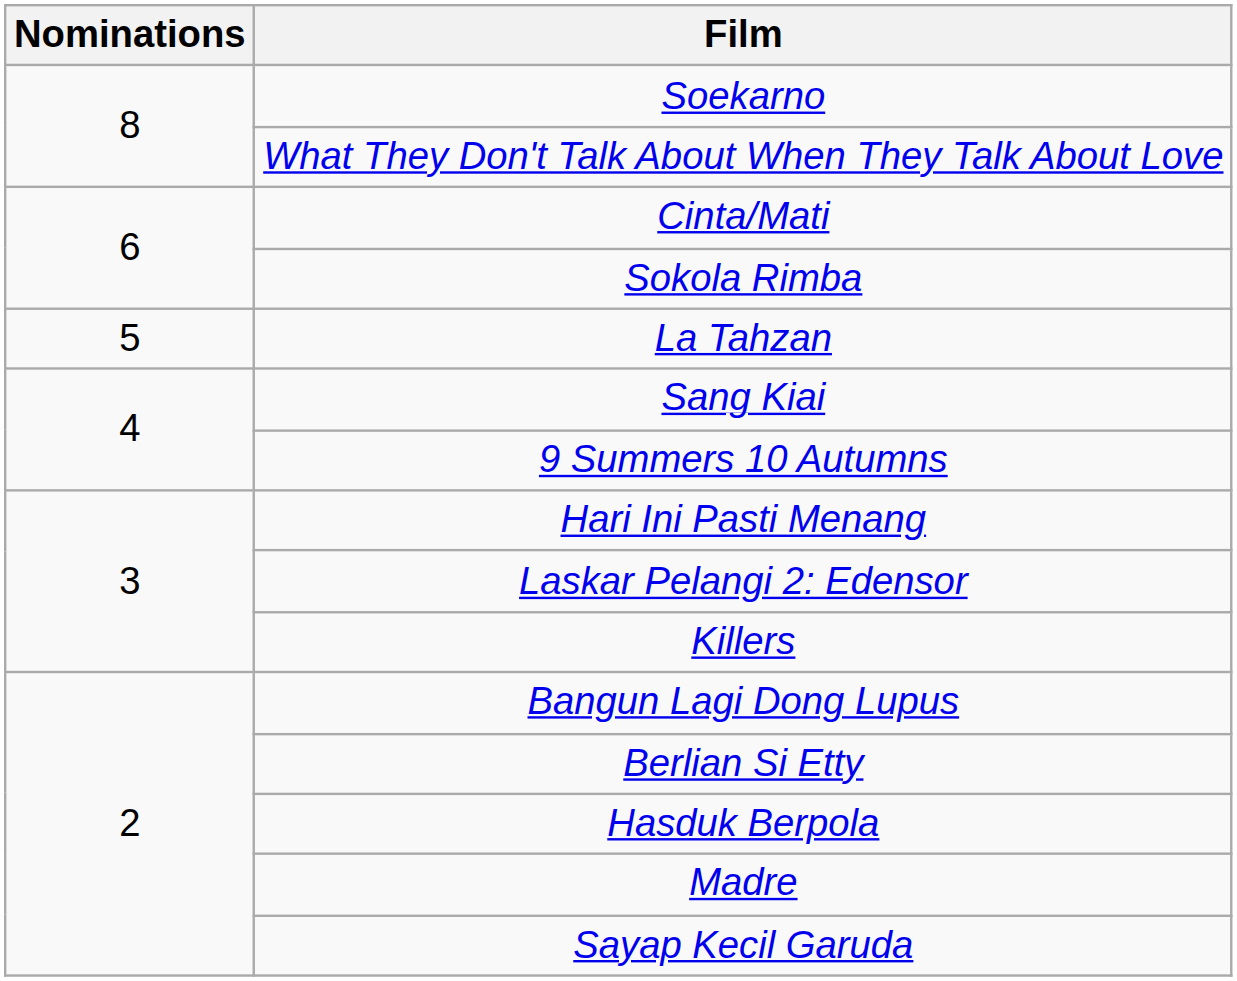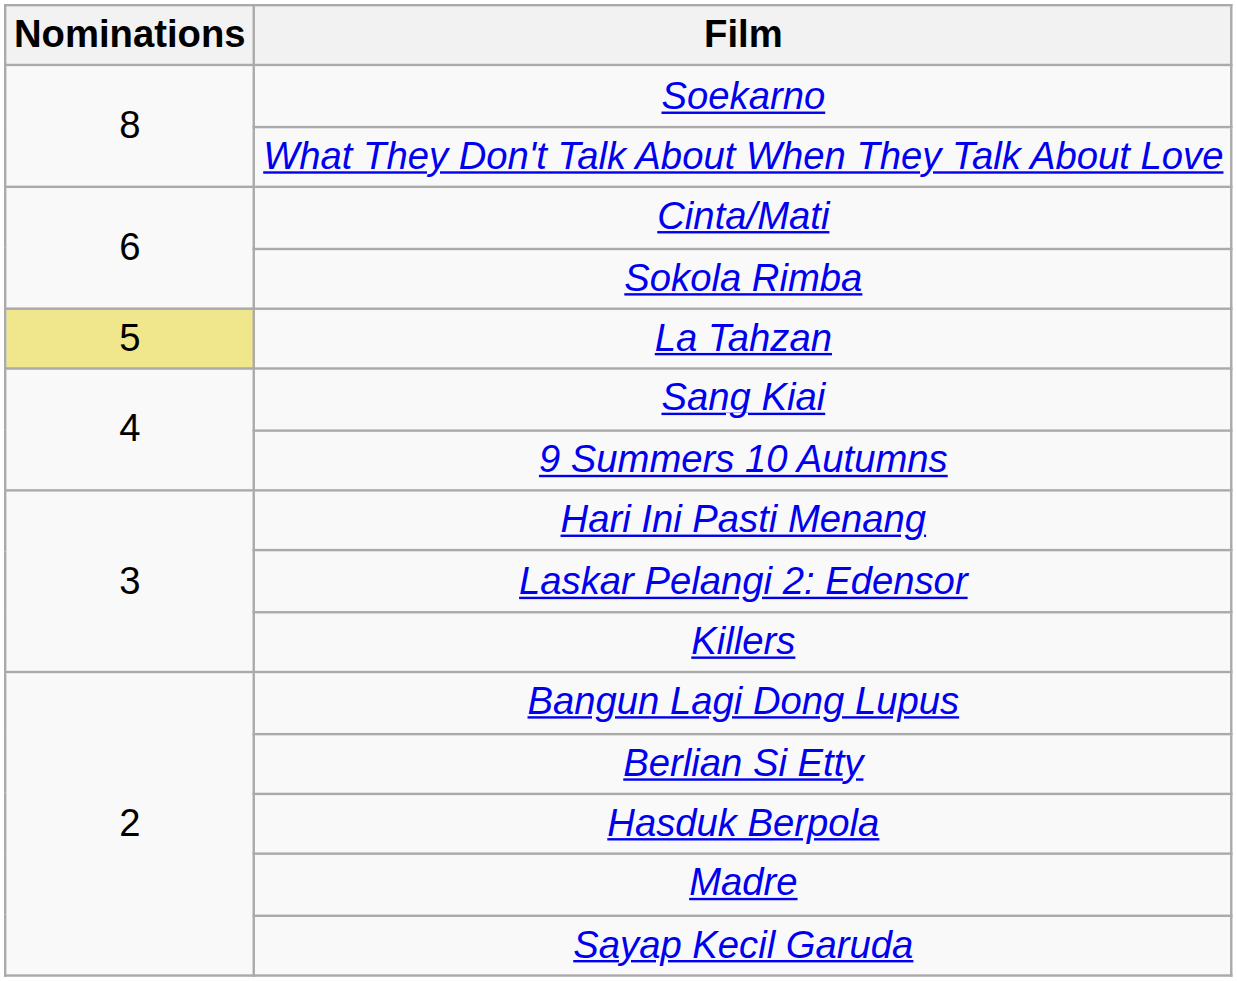 <table class="wikitable">
 <tr>
 <th>Nominations</th>
 <th>Film</th>
 </tr>
 <tr>
 <td style="text-align:center" rowspan= "2">8</td>
 <td style="text-align:center"><em><a href='#'>Soekarno</a></em></td>
 </tr>
 <tr>
 <td style="text-align:center"><em><a href='#'>What They Don't Talk About When They Talk About Love</a></em></td>
 </tr>
 <tr>
 <td style="text-align:center" rowspan= "2">6</td>
 <td style="text-align:center"><em><a href='#'>Cinta/Mati</a></em></td>
 </tr>
 <tr>
 <td style="text-align:center"><em><a href='#'>Sokola Rimba</a></em></td>
 </tr>
 <tr>
-<td style="text-align:center">5</td>
+<td style="background: khaki; text-align:center">5</td>
 <td style="text-align:center"><em><a href='#'>La Tahzan</a></em></td>
 </tr>
 <tr>
 <td style="text-align:center" rowspan= "2">4</td>
 <td style="text-align:center"><em><a href='#'>Sang Kiai</a></em></td>
 </tr>
 <tr>
 <td style="text-align:center"><em><a href='#'>9 Summers 10 Autumns</a></em></td>
 </tr>
 <tr>
 <td style="text-align:center" rowspan= "3">3</td>
 <td style="text-align:center"><em><a href='#'>Hari Ini Pasti Menang</a></em></td>
 </tr>
 <tr>
 <td style="text-align:center"><em><a href='#'>Laskar Pelangi 2: Edensor</a></em></td>
 </tr>
 <tr>
 <td style="text-align:center"><em><a href='#'>Killers</a></em></td>
 </tr>
 <tr>
 <td style="text-align:center" rowspan= "5">2</td>
 <td style="text-align:center"><em><a href='#'>Bangun Lagi Dong Lupus</a></em></td>
 </tr>
 <tr>
 <td style="text-align:center"><em><a href='#'>Berlian Si Etty</a></em></td>
 </tr>
 <tr>
 <td style="text-align:center"><em><a href='#'>Hasduk Berpola</a></em></td>
 </tr>
 <tr>
 <td style="text-align:center"><em><a href='#'>Madre</a></em></td>
 </tr>
 <tr>
 <td style="text-align:center"><em><a href='#'>Sayap Kecil Garuda</a></em></td>
 </tr>
 </table>
